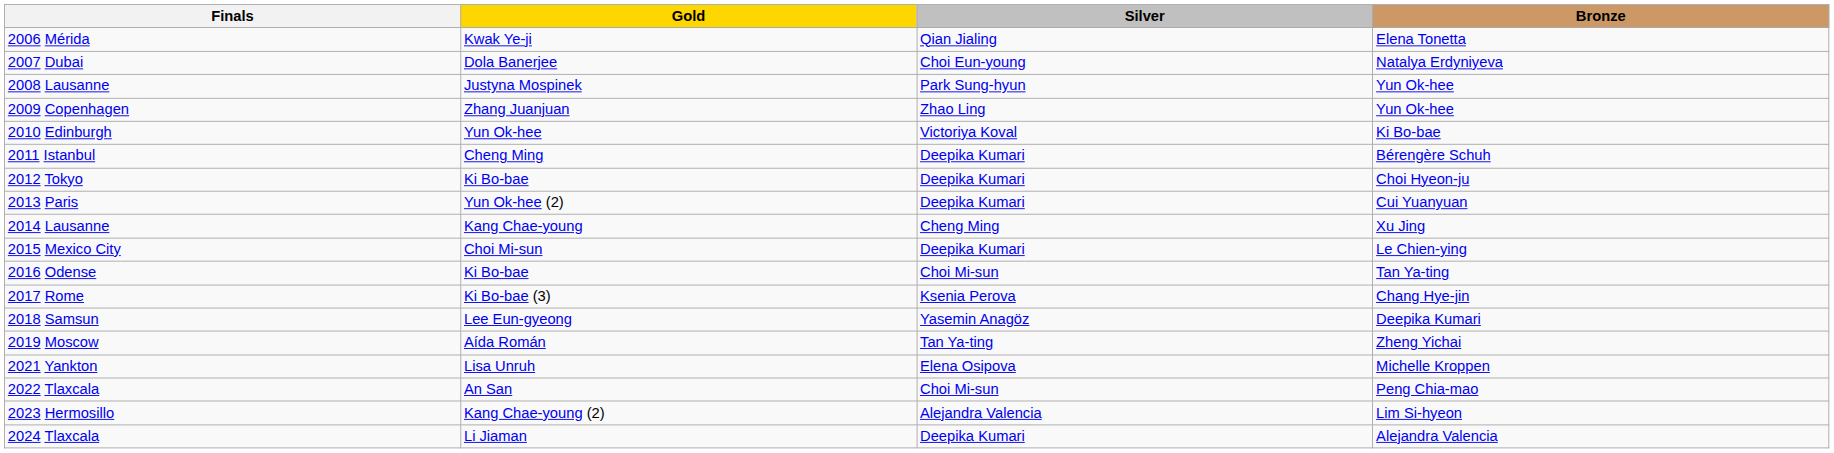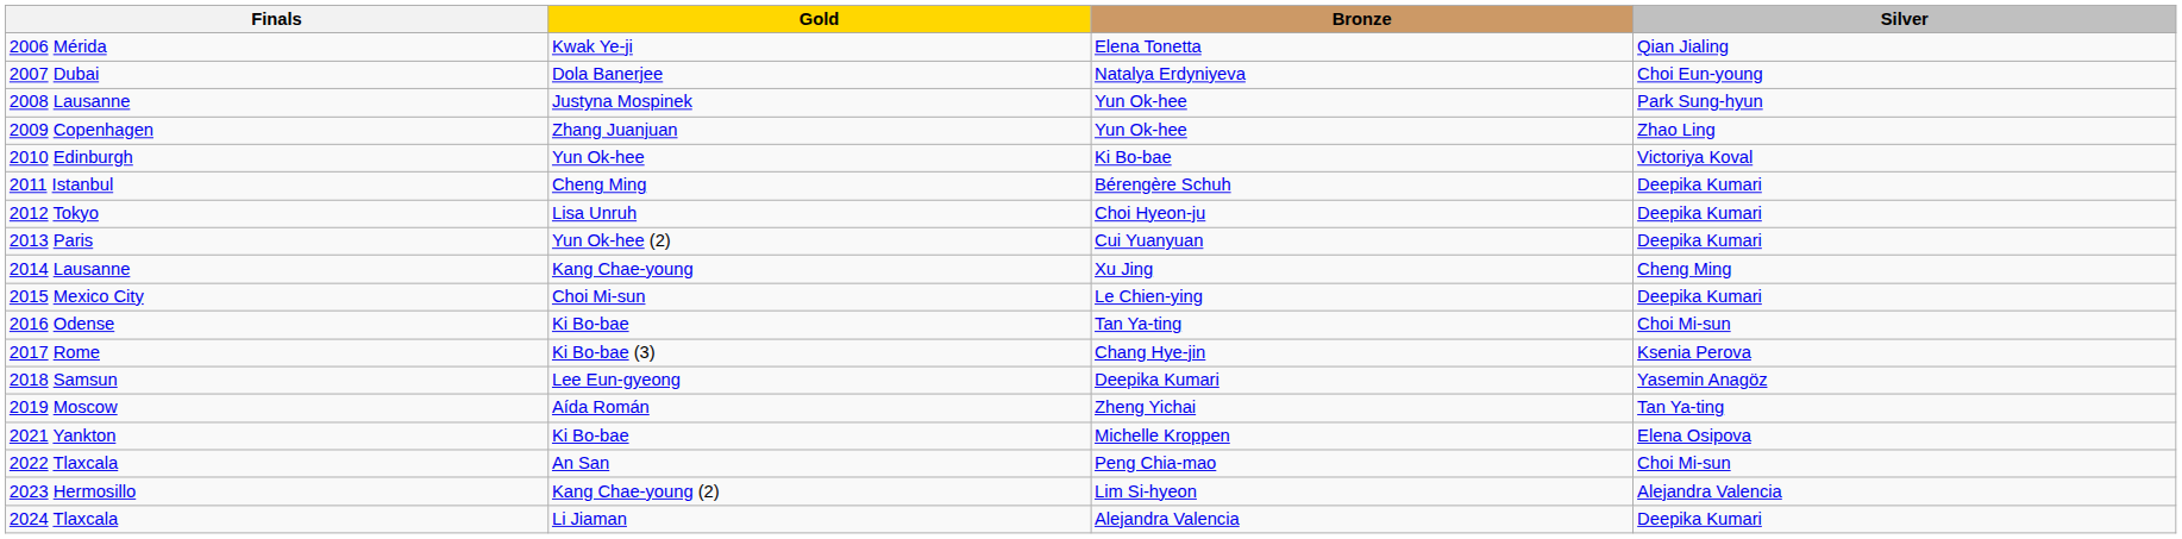 <table class="wikitable" style="width:100%">
 <tr>
 <th style="width:25%;">Finals</th>
 <th style="width:25%; background:gold">Gold</th>
+<th style="width:25%; background:#cc9966">Bronze</th>
 <th style="width:25%; background:silver">Silver</th>
-<th style="width:25%; background:#cc9966">Bronze</th>
 </tr>
 <tr>
 <td> <a href='#'>2006</a> <a href='#'>Mérida</a></td>
 <td> <a href='#'>Kwak Ye-ji</a></td>
+<td> <a href='#'>Elena Tonetta</a></td>
 <td> <a href='#'>Qian Jialing</a></td>
-<td> <a href='#'>Elena Tonetta</a></td>
 </tr>
 <tr>
 <td> <a href='#'>2007</a> <a href='#'>Dubai</a></td>
 <td> <a href='#'>Dola Banerjee</a></td>
+<td> <a href='#'>Natalya Erdyniyeva</a></td>
 <td> <a href='#'>Choi Eun-young</a></td>
-<td> <a href='#'>Natalya Erdyniyeva</a></td>
 </tr>
 <tr>
 <td> <a href='#'>2008</a> <a href='#'>Lausanne</a></td>
 <td> <a href='#'>Justyna Mospinek</a></td>
+<td> <a href='#'>Yun Ok-hee</a></td>
 <td> <a href='#'>Park Sung-hyun</a></td>
-<td> <a href='#'>Yun Ok-hee</a></td>
 </tr>
 <tr>
 <td> <a href='#'>2009</a> <a href='#'>Copenhagen</a></td>
 <td> <a href='#'>Zhang Juanjuan</a></td>
+<td> <a href='#'>Yun Ok-hee</a></td>
 <td> <a href='#'>Zhao Ling</a></td>
-<td> <a href='#'>Yun Ok-hee</a></td>
 </tr>
 <tr>
 <td> <a href='#'>2010</a> <a href='#'>Edinburgh</a></td>
 <td> <a href='#'>Yun Ok-hee</a></td>
+<td> <a href='#'>Ki Bo-bae</a></td>
 <td> <a href='#'>Victoriya Koval</a></td>
-<td> <a href='#'>Ki Bo-bae</a></td>
 </tr>
 <tr>
 <td> <a href='#'>2011</a> <a href='#'>Istanbul</a></td>
 <td> <a href='#'>Cheng Ming</a></td>
+<td> <a href='#'>Bérengère Schuh</a></td>
 <td> <a href='#'>Deepika Kumari</a></td>
-<td> <a href='#'>Bérengère Schuh</a></td>
 </tr>
 <tr>
 <td> <a href='#'>2012</a> <a href='#'>Tokyo</a></td>
-<td> <a href='#'>Ki Bo-bae</a></td>
+<td> <a href='#'>Lisa Unruh</a></td>
+<td> <a href='#'>Choi Hyeon-ju</a></td>
 <td> <a href='#'>Deepika Kumari</a></td>
-<td> <a href='#'>Choi Hyeon-ju</a></td>
 </tr>
 <tr>
 <td> <a href='#'>2013</a> <a href='#'>Paris</a></td>
 <td> <a href='#'>Yun Ok-hee</a> (2)</td>
+<td> <a href='#'>Cui Yuanyuan</a></td>
 <td> <a href='#'>Deepika Kumari</a></td>
-<td> <a href='#'>Cui Yuanyuan</a></td>
 </tr>
 <tr>
 <td> <a href='#'>2014</a> <a href='#'>Lausanne</a></td>
 <td> <a href='#'>Kang Chae-young</a></td>
+<td> <a href='#'>Xu Jing</a></td>
 <td> <a href='#'>Cheng Ming</a></td>
-<td> <a href='#'>Xu Jing</a></td>
 </tr>
 <tr>
 <td> <a href='#'>2015</a> <a href='#'>Mexico City</a></td>
 <td> <a href='#'>Choi Mi-sun</a></td>
+<td> <a href='#'>Le Chien-ying</a></td>
 <td> <a href='#'>Deepika Kumari</a></td>
-<td> <a href='#'>Le Chien-ying</a></td>
 </tr>
 <tr>
 <td> <a href='#'>2016</a> <a href='#'>Odense</a></td>
 <td> <a href='#'>Ki Bo-bae</a></td>
+<td> <a href='#'>Tan Ya-ting</a></td>
 <td> <a href='#'>Choi Mi-sun</a></td>
-<td> <a href='#'>Tan Ya-ting</a></td>
 </tr>
 <tr>
 <td> <a href='#'>2017</a> <a href='#'>Rome</a></td>
 <td> <a href='#'>Ki Bo-bae</a> (3)</td>
+<td> <a href='#'>Chang Hye-jin</a></td>
 <td> <a href='#'>Ksenia Perova</a></td>
-<td> <a href='#'>Chang Hye-jin</a></td>
 </tr>
 <tr>
 <td> <a href='#'>2018</a> <a href='#'>Samsun</a></td>
 <td> <a href='#'>Lee Eun-gyeong</a></td>
+<td> <a href='#'>Deepika Kumari</a></td>
 <td> <a href='#'>Yasemin Anagöz</a></td>
-<td> <a href='#'>Deepika Kumari</a></td>
 </tr>
 <tr>
 <td> <a href='#'>2019</a> <a href='#'>Moscow</a></td>
 <td> <a href='#'>Aída Román</a></td>
+<td> <a href='#'>Zheng Yichai</a></td>
 <td> <a href='#'>Tan Ya-ting</a></td>
-<td> <a href='#'>Zheng Yichai</a></td>
 </tr>
 <tr>
 <td> <a href='#'>2021</a> <a href='#'>Yankton</a></td>
-<td> <a href='#'>Lisa Unruh</a></td>
+<td> <a href='#'>Ki Bo-bae</a></td>
+<td> <a href='#'>Michelle Kroppen</a></td>
 <td> <a href='#'>Elena Osipova</a></td>
-<td> <a href='#'>Michelle Kroppen</a></td>
 </tr>
 <tr>
 <td> <a href='#'>2022</a> <a href='#'>Tlaxcala</a></td>
 <td> <a href='#'>An San</a></td>
+<td> <a href='#'>Peng Chia-mao</a></td>
 <td> <a href='#'>Choi Mi-sun</a></td>
-<td> <a href='#'>Peng Chia-mao</a></td>
 </tr>
 <tr>
 <td> <a href='#'>2023</a> <a href='#'>Hermosillo</a></td>
 <td> <a href='#'>Kang Chae-young</a> (2)</td>
+<td> <a href='#'>Lim Si-hyeon</a></td>
 <td> <a href='#'>Alejandra Valencia</a></td>
-<td> <a href='#'>Lim Si-hyeon</a></td>
 </tr>
 <tr>
 <td> <a href='#'>2024</a> <a href='#'>Tlaxcala</a></td>
 <td> <a href='#'>Li Jiaman</a></td>
+<td> <a href='#'>Alejandra Valencia</a></td>
 <td> <a href='#'>Deepika Kumari</a></td>
-<td> <a href='#'>Alejandra Valencia</a></td>
 </tr>
 </table>
